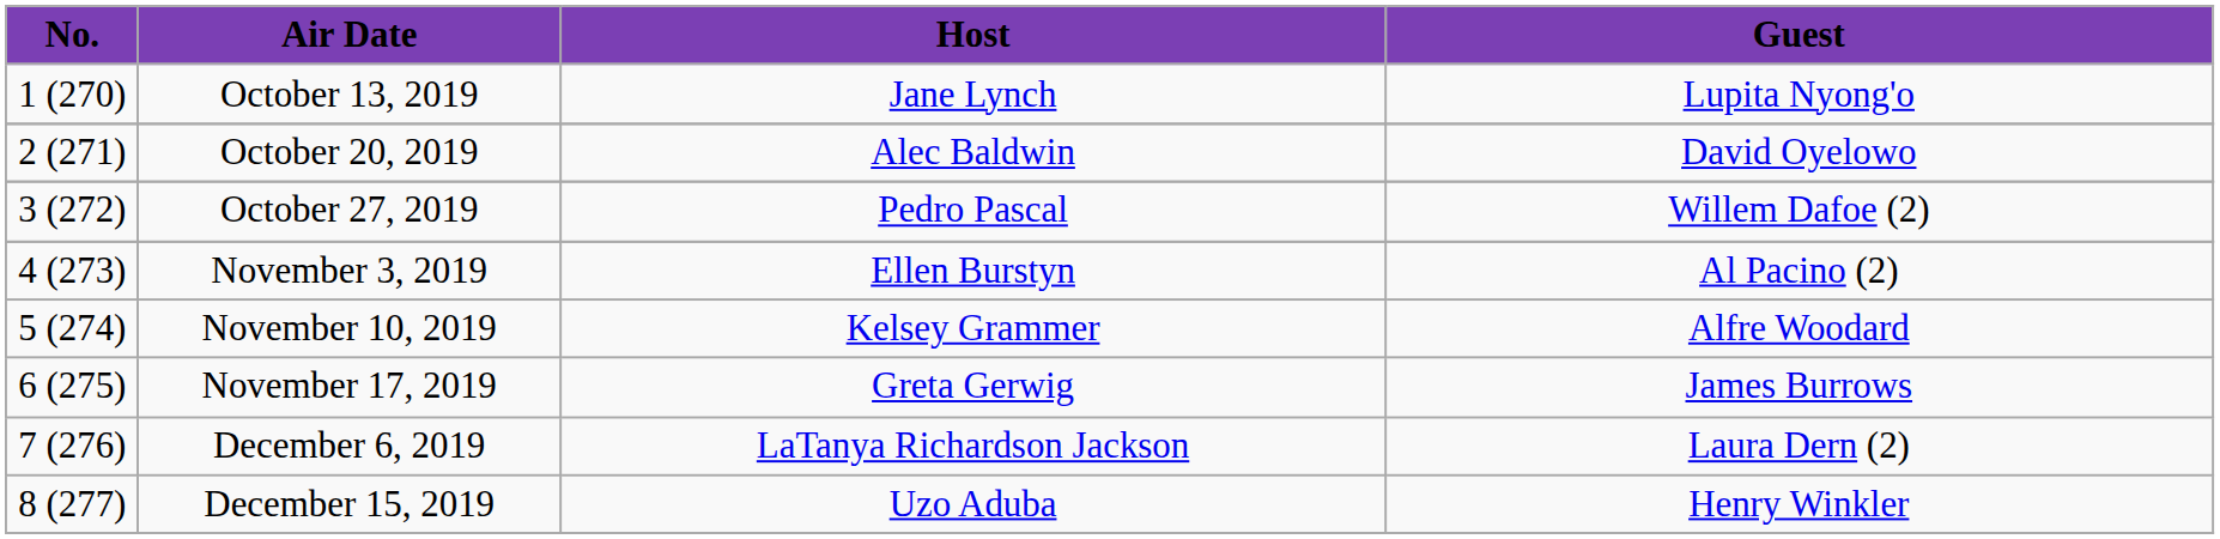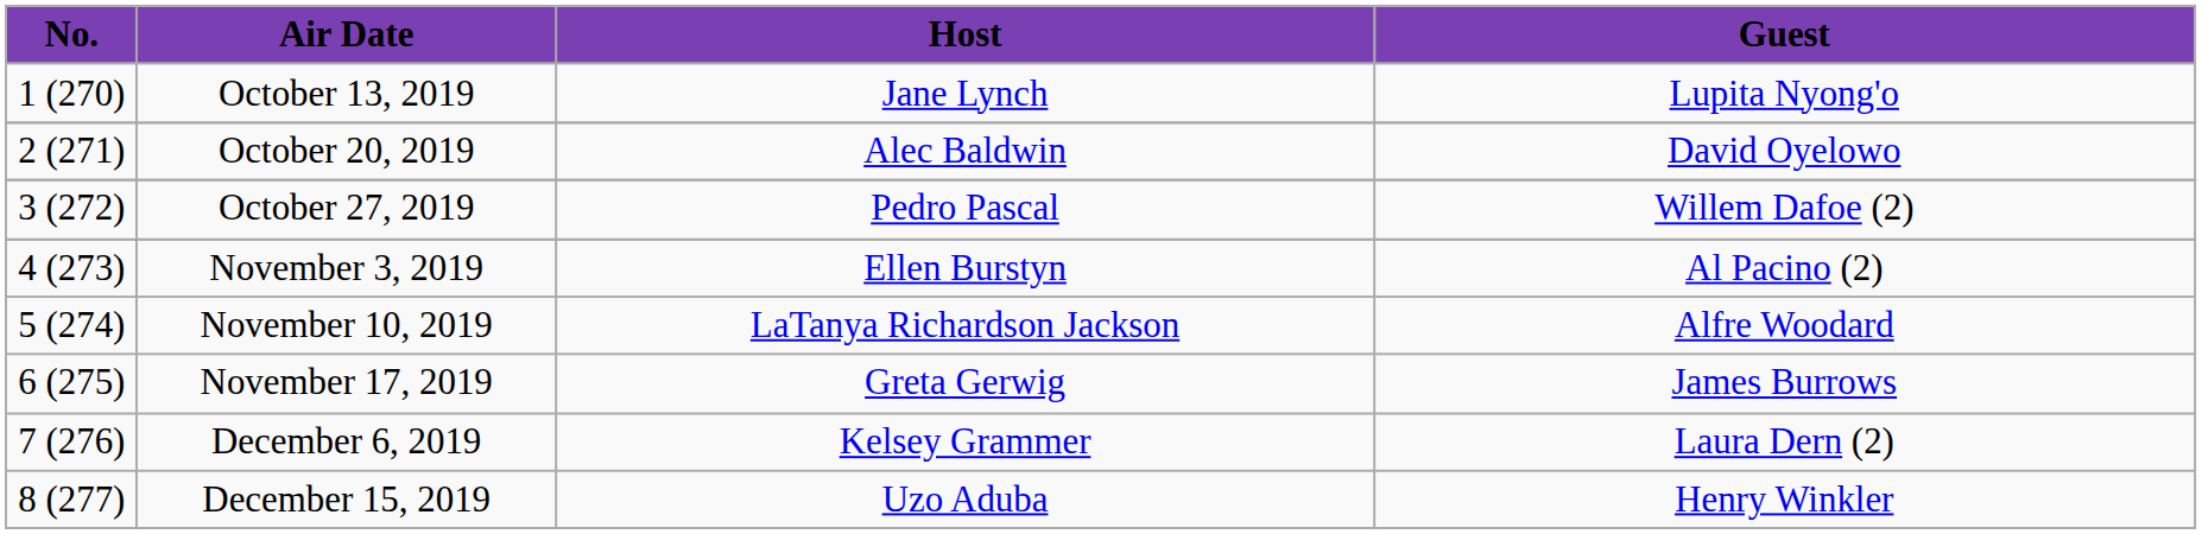 <table class="wikitable" style="text-align:center;">
 <tr>
 <th width="50" style="background:#7B3FB4">No.</th>
 <th width="175" style="background:#7B3FB4">Air Date</th>
 <th width="350" style="background:#7B3FB4">Host</th>
 <th width="350" style="background:#7B3FB4">Guest</th>
 </tr>
 <tr>
 <td>1 (270)</td>
 <td>October 13, 2019</td>
 <td><a href='#'>Jane Lynch</a></td>
 <td><a href='#'>Lupita Nyong'o</a></td>
 </tr>
 <tr>
 </tr>
 <tr>
 <td>2 (271)</td>
 <td>October 20, 2019</td>
 <td><a href='#'>Alec Baldwin</a></td>
 <td><a href='#'>David Oyelowo</a></td>
 </tr>
 <tr>
 </tr>
 <tr>
 <td>3 (272)</td>
 <td>October 27, 2019</td>
 <td><a href='#'>Pedro Pascal</a></td>
 <td><a href='#'>Willem Dafoe</a> (2)</td>
 </tr>
 <tr>
 </tr>
 <tr>
 <td>4 (273)</td>
 <td>November 3, 2019</td>
 <td><a href='#'>Ellen Burstyn</a></td>
 <td><a href='#'>Al Pacino</a> (2)</td>
 </tr>
 <tr>
 <td>5 (274)</td>
 <td>November 10, 2019</td>
-<td><a href='#'>Kelsey Grammer</a></td>
+<td><a href='#'>LaTanya Richardson Jackson</a></td>
 <td><a href='#'>Alfre Woodard</a></td>
 </tr>
 <tr>
 <td>6 (275)</td>
 <td>November 17, 2019</td>
 <td><a href='#'>Greta Gerwig</a></td>
 <td><a href='#'>James Burrows</a></td>
 </tr>
 <tr>
 <td>7 (276)</td>
 <td>December 6, 2019</td>
-<td><a href='#'>LaTanya Richardson Jackson</a></td>
+<td><a href='#'>Kelsey Grammer</a></td>
 <td><a href='#'>Laura Dern</a> (2)</td>
 </tr>
 <tr>
 <td>8 (277)</td>
 <td>December 15, 2019</td>
 <td><a href='#'>Uzo Aduba</a></td>
 <td><a href='#'>Henry Winkler</a></td>
 </tr>
 <tr>
 </tr>
 </table>
